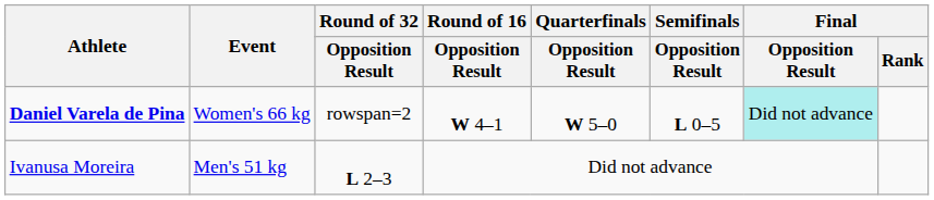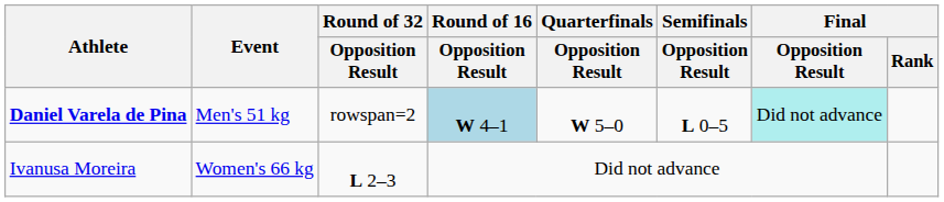 <table class="wikitable" style="font-size:90%">
 <tr>
 <th rowspan="2">Athlete</th>
 <th rowspan="2">Event</th>
 <th>Round of 32</th>
 <th>Round of 16</th>
 <th>Quarterfinals</th>
 <th>Semifinals</th>
 <th colspan=2>Final</th>
 </tr>
 <tr style="font-size:95%">
 <th>Opposition<br>Result</th>
 <th>Opposition<br>Result</th>
 <th>Opposition<br>Result</th>
 <th>Opposition<br>Result</th>
 <th>Opposition<br>Result</th>
 <th>Rank</th>
 </tr>
 <tr align=center>
 <td align=left><strong><a href='#'>Daniel Varela de Pina</a></strong></td>
-<td align=left><a href='#'>Women's 66 kg</a></td>
+<td align=left><a href='#'>Men's 51 kg</a></td>
 <td>rowspan=2 </td>
-<td><br><strong>W</strong> 4–1</td>
+<td style="background: lightblue;"><br><strong>W</strong> 4–1</td>
 <td><br><strong>W</strong> 5–0</td>
 <td><br><strong>L</strong> 0–5</td>
 <td style="background: paleturquoise;">Did not advance</td>
 <td></td>
 </tr>
 <tr align=center>
 <td align=left><a href='#'>Ivanusa Moreira</a></td>
-<td align=left><a href='#'>Men's 51 kg</a></td>
+<td align=left><a href='#'>Women's 66 kg</a></td>
 <td><br><strong>L</strong> 2–3</td>
 <td colspan=4>Did not advance</td>
 </tr>
 </table>
